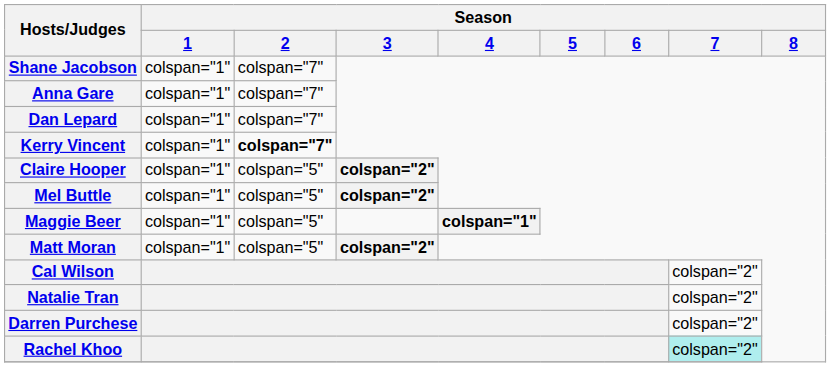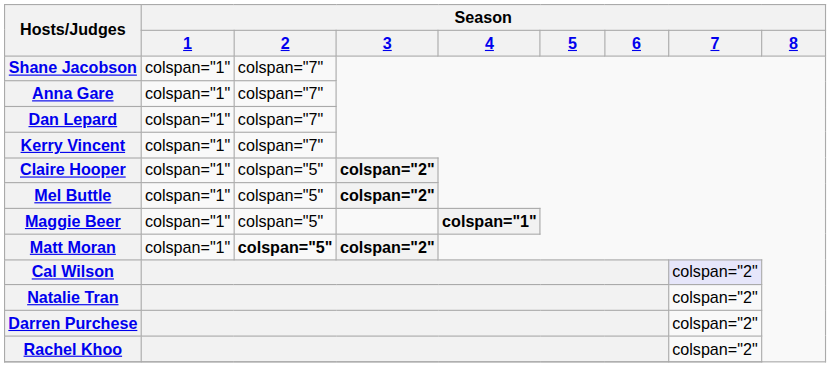 <table class="wikitable plainrowheaders" style="font-size:90%;">
 <tr>
 <th rowspan="2" scope="col" style="width:8em;">Hosts/Judges</th>
 <th colspan="8" scope="colgroup">Season</th>
 </tr>
 <tr>
 <th scope="col" style="width:3.5em;"><a href='#'>1</a></th>
 <th scope="col" style="width:3.5em;"><a href='#'>2</a></th>
 <th scope="col" style="width:3.5em;"><a href='#'>3</a></th>
 <th scope="col" style="width:3.5em;"><a href='#'>4</a></th>
 <th scope="col" style="width:3.5em;"><a href='#'>5</a></th>
 <th scope="col" style="width:3.5em;"><a href='#'>6</a></th>
 <th scope="col" style="width:3.5em;"><a href='#'>7</a></th>
 <th scope="col" style="width:3.5em;"><a href='#'>8</a></th>
 </tr>
 <tr>
 <th scope="row"><a href='#'>Shane Jacobson</a></th>
 <td>colspan="1" </td>
 <td>colspan="7" </td>
 </tr>
 <tr>
 <th scope="row"><a href='#'>Anna Gare</a></th>
 <td>colspan="1" </td>
 <td>colspan="7" </td>
 </tr>
 <tr>
 <th scope="row"><a href='#'>Dan Lepard</a></th>
 <td>colspan="1" </td>
 <td>colspan="7" </td>
 </tr>
 <tr>
 <th scope="row"><a href='#'>Kerry Vincent</a></th>
 <td>colspan="1" </td>
-<td><strong>colspan="7" </strong></td>
+<td>colspan="7" </td>
 </tr>
 <tr>
 <th scope="row"><a href='#'>Claire Hooper</a></th>
 <td>colspan="1" </td>
 <td>colspan="5" </td>
 <th>colspan="2" </th>
 </tr>
 <tr>
 <th scope="row"><a href='#'>Mel Buttle</a></th>
 <td>colspan="1" </td>
 <td>colspan="5" </td>
 <th>colspan="2" </th>
 </tr>
 <tr>
 <th scope="row"><a href='#'>Maggie Beer</a></th>
 <td>colspan="1" </td>
 <td>colspan="5" </td>
 <td></td>
 <th>colspan="1" </th>
 </tr>
 <tr>
 <th scope="row"><a href='#'>Matt Moran</a></th>
 <td>colspan="1" </td>
-<td>colspan="5" </td>
+<td><strong>colspan="5" </strong></td>
 <th>colspan="2" </th>
 </tr>
 <tr>
 <th scope="row"><a href='#'>Cal Wilson</a></th>
 <th colspan="6"></th>
-<td>colspan="2" </td>
+<td style="background: lavender;">colspan="2" </td>
 </tr>
 <tr>
 <th scope="row"><a href='#'>Natalie Tran</a></th>
 <th colspan="6"></th>
 <td>colspan="2" </td>
 </tr>
 <tr>
 <th scope="row"><a href='#'>Darren Purchese</a></th>
 <th colspan="6"></th>
 <td>colspan="2" </td>
 </tr>
 <tr>
 <th scope="row"><a href='#'>Rachel Khoo</a></th>
 <th colspan="6"></th>
-<td style="background: paleturquoise;">colspan="2" </td>
+<td>colspan="2" </td>
 </tr>
 <tr>
 </tr>
 </table>
